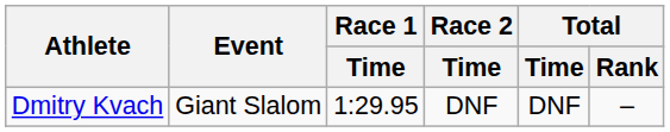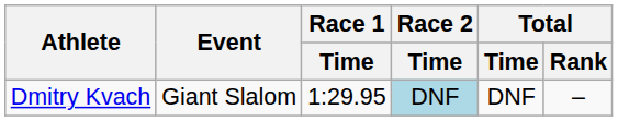 <table class="wikitable" style="font-size:90%">
 <tr>
 <th rowspan="2">Athlete</th>
 <th rowspan="2">Event</th>
 <th>Race 1</th>
 <th>Race 2</th>
 <th colspan="2">Total</th>
 </tr>
 <tr>
 <th>Time</th>
 <th>Time</th>
 <th>Time</th>
 <th>Rank</th>
 </tr>
 <tr>
 <td><a href='#'>Dmitry Kvach</a></td>
 <td>Giant Slalom</td>
 <td align="center">1:29.95</td>
-<td align="center">DNF</td>
+<td align="center" style="background: lightblue;">DNF</td>
 <td align="center">DNF</td>
 <td align="center">–</td>
 </tr>
 </table>
